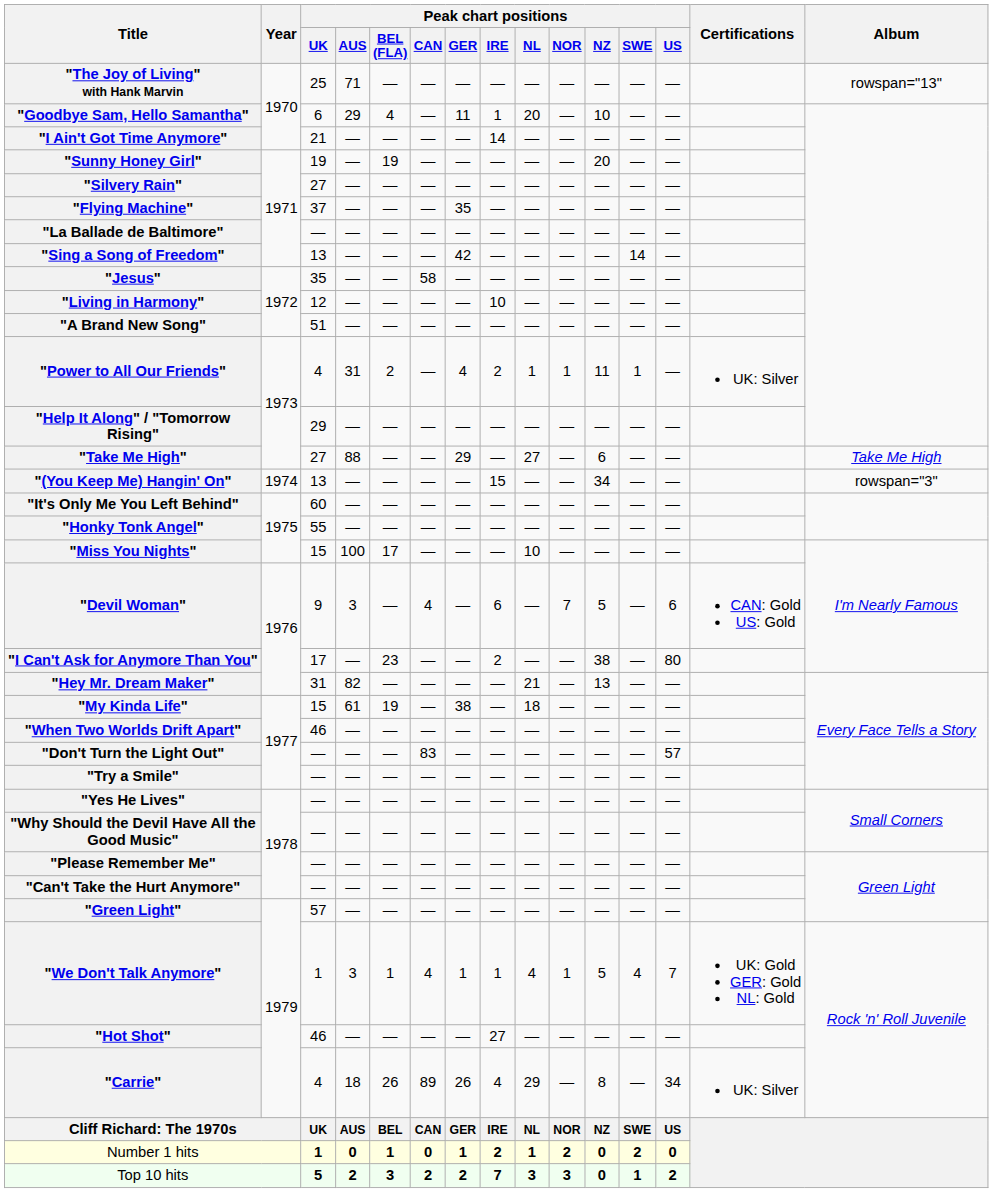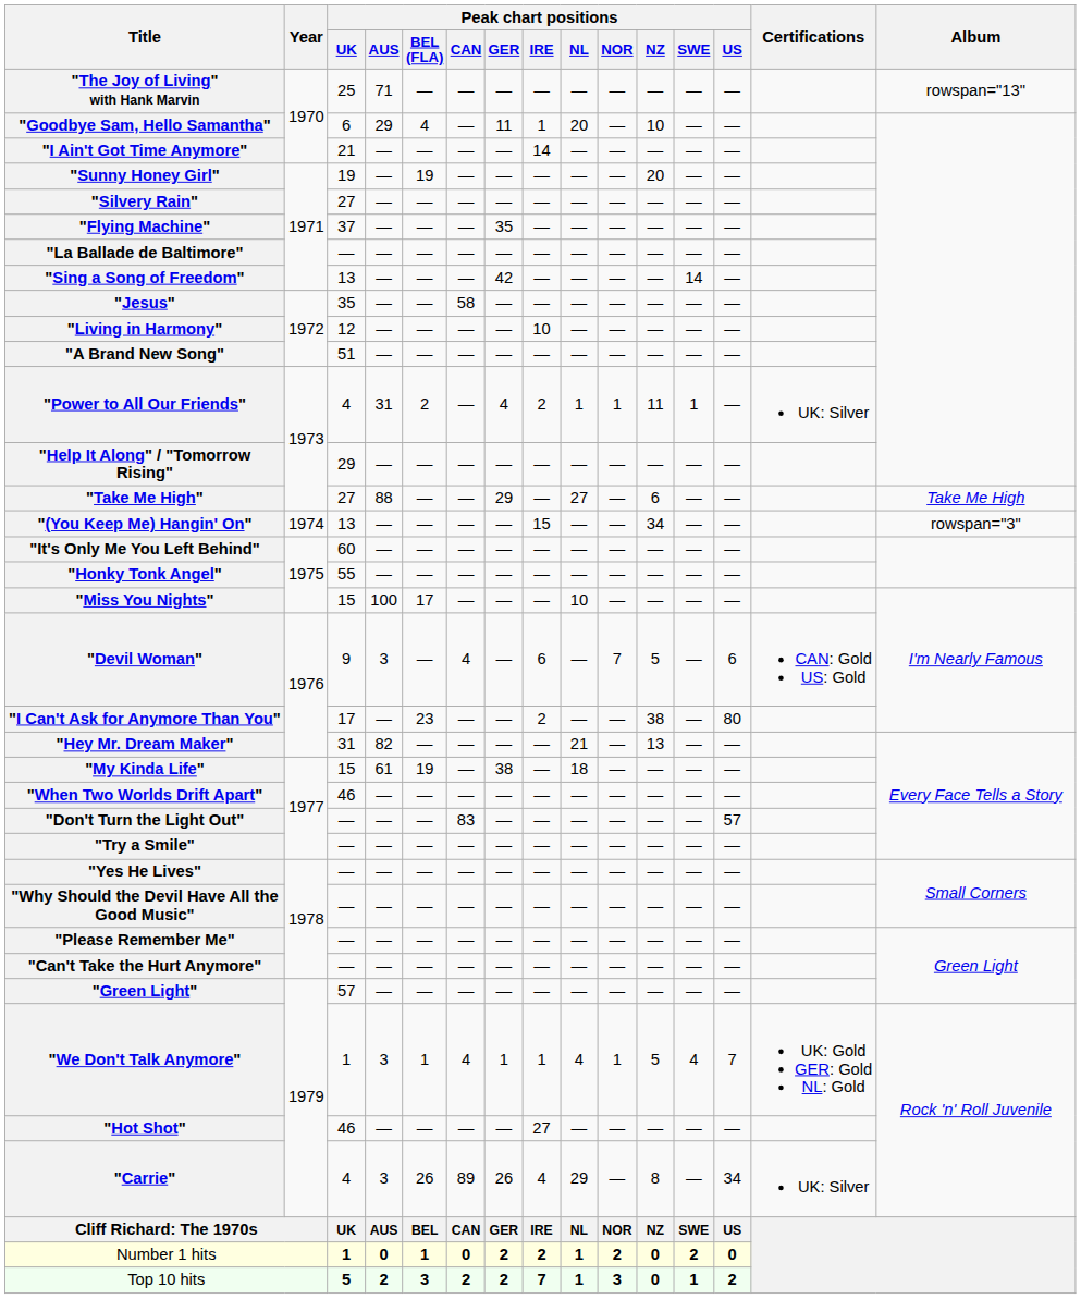 <table class="wikitable plainrowheaders" style="text-align:center;">
 <tr>
 <th rowspan="2" scope="col" style="width:17em;">Title</th>
 <th rowspan="2" scope="col" style="width:2em;">Year</th>
 <th colspan="11">Peak chart positions</th>
 <th rowspan="2">Certifications </th>
 <th rowspan="2" style="width:12em;">Album</th>
 </tr>
 <tr>
 <th scope="col" style="width:2em;font-size:90%;"><a href='#'>UK</a><br></th>
 <th scope="col" style="width:2em;font-size:90%;"><a href='#'>AUS</a><br></th>
 <th scope="col" style="width:2em;font-size:90%;"><a href='#'>BEL (FLA)</a><br></th>
 <th scope="col" style="width:2em;font-size:90%;"><a href='#'>CAN</a><br></th>
 <th scope="col" style="width:2em;font-size:90%;"><a href='#'>GER</a><br></th>
 <th scope="col" style="width:2em;font-size:90%;"><a href='#'>IRE</a><br></th>
 <th scope="col" style="width:2em;font-size:90%;"><a href='#'>NL</a><br></th>
 <th scope="col" style="width:2em;font-size:90%;"><a href='#'>NOR</a><br></th>
 <th scope="col" style="width:2em;font-size:90%;"><a href='#'>NZ</a><br></th>
 <th scope="col" style="width:2em;font-size:90%;"><a href='#'>SWE</a><br></th>
 <th scope="col" style="width:2em;font-size:90%;"><a href='#'>US</a><br></th>
 </tr>
 <tr>
 <th scope="row">"<a href='#'>The Joy of Living</a>"<br><small>with Hank Marvin</small></th>
 <td rowspan="3">1970</td>
 <td>25</td>
 <td>71</td>
 <td>—</td>
 <td>—</td>
 <td>—</td>
 <td>—</td>
 <td>—</td>
 <td>—</td>
 <td>—</td>
 <td>—</td>
 <td>—</td>
 <td></td>
 <td>rowspan="13" </td>
 </tr>
 <tr>
 <th scope="row">"<a href='#'>Goodbye Sam, Hello Samantha</a>"</th>
 <td>6</td>
 <td>29</td>
 <td>4</td>
 <td>—</td>
 <td>11</td>
 <td>1</td>
 <td>20</td>
 <td>—</td>
 <td>10</td>
 <td>—</td>
 <td>—</td>
 <td></td>
 </tr>
 <tr>
 <th scope="row">"<a href='#'>I Ain't Got Time Anymore</a>"</th>
 <td>21</td>
 <td>—</td>
 <td>—</td>
 <td>—</td>
 <td>—</td>
 <td>14</td>
 <td>—</td>
 <td>—</td>
 <td>—</td>
 <td>—</td>
 <td>—</td>
 <td></td>
 </tr>
 <tr>
 <th scope="row">"<a href='#'>Sunny Honey Girl</a>"</th>
 <td rowspan="5">1971</td>
 <td>19</td>
 <td>—</td>
 <td>19</td>
 <td>—</td>
 <td>—</td>
 <td>—</td>
 <td>—</td>
 <td>—</td>
 <td>20</td>
 <td>—</td>
 <td>—</td>
 <td></td>
 </tr>
 <tr>
 <th scope="row">"<a href='#'>Silvery Rain</a>"</th>
 <td>27</td>
 <td>—</td>
 <td>—</td>
 <td>—</td>
 <td>—</td>
 <td>—</td>
 <td>—</td>
 <td>—</td>
 <td>—</td>
 <td>—</td>
 <td>—</td>
 <td></td>
 </tr>
 <tr>
 <th scope="row">"<a href='#'>Flying Machine</a>"</th>
 <td>37</td>
 <td>—</td>
 <td>—</td>
 <td>—</td>
 <td>35</td>
 <td>—</td>
 <td>—</td>
 <td>—</td>
 <td>—</td>
 <td>—</td>
 <td>—</td>
 <td></td>
 </tr>
 <tr>
 <th scope="row">"La Ballade de Baltimore" </th>
 <td>—</td>
 <td>—</td>
 <td>—</td>
 <td>—</td>
 <td>—</td>
 <td>—</td>
 <td>—</td>
 <td>—</td>
 <td>—</td>
 <td>—</td>
 <td>—</td>
 <td></td>
 </tr>
 <tr>
 <th scope="row">"<a href='#'>Sing a Song of Freedom</a>"</th>
 <td>13</td>
 <td>—</td>
 <td>—</td>
 <td>—</td>
 <td>42</td>
 <td>—</td>
 <td>—</td>
 <td>—</td>
 <td>—</td>
 <td>14</td>
 <td>—</td>
 <td></td>
 </tr>
 <tr>
 <th scope="row">"<a href='#'>Jesus</a>"</th>
 <td rowspan="3">1972</td>
 <td>35</td>
 <td>—</td>
 <td>—</td>
 <td>58</td>
 <td>—</td>
 <td>—</td>
 <td>—</td>
 <td>—</td>
 <td>—</td>
 <td>—</td>
 <td>—</td>
 <td></td>
 </tr>
 <tr>
 <th scope="row">"<a href='#'>Living in Harmony</a>"</th>
 <td>12</td>
 <td>—</td>
 <td>—</td>
 <td>—</td>
 <td>—</td>
 <td>10</td>
 <td>—</td>
 <td>—</td>
 <td>—</td>
 <td>—</td>
 <td>—</td>
 <td></td>
 </tr>
 <tr>
 <th scope="row">"A Brand New Song"</th>
 <td>51</td>
 <td>—</td>
 <td>—</td>
 <td>—</td>
 <td>—</td>
 <td>—</td>
 <td>—</td>
 <td>—</td>
 <td>—</td>
 <td>—</td>
 <td>—</td>
 <td></td>
 </tr>
 <tr>
 <th scope="row">"<a href='#'>Power to All Our Friends</a>"</th>
 <td rowspan="3">1973</td>
 <td>4</td>
 <td>31</td>
 <td>2</td>
 <td>—</td>
 <td>4</td>
 <td>2</td>
 <td>1</td>
 <td>1</td>
 <td>11</td>
 <td>1</td>
 <td>—</td>
 <td><br><ul><li>UK: Silver</li></ul></td>
 </tr>
 <tr>
 <th scope="row">"<a href='#'>Help It Along</a>" / "Tomorrow Rising"</th>
 <td>29</td>
 <td>—</td>
 <td>—</td>
 <td>—</td>
 <td>—</td>
 <td>—</td>
 <td>—</td>
 <td>—</td>
 <td>—</td>
 <td>—</td>
 <td>—</td>
 <td></td>
 </tr>
 <tr>
 <th scope="row">"<a href='#'>Take Me High</a>"</th>
 <td>27</td>
 <td>88</td>
 <td>—</td>
 <td>—</td>
 <td>29</td>
 <td>—</td>
 <td>27</td>
 <td>—</td>
 <td>6</td>
 <td>—</td>
 <td>—</td>
 <td></td>
 <td><em><a href='#'>Take Me High</a></em></td>
 </tr>
 <tr>
 <th scope="row">"<a href='#'>(You Keep Me) Hangin' On</a>"</th>
 <td>1974</td>
 <td>13</td>
 <td>—</td>
 <td>—</td>
 <td>—</td>
 <td>—</td>
 <td>15</td>
 <td>—</td>
 <td>—</td>
 <td>34</td>
 <td>—</td>
 <td>—</td>
 <td></td>
 <td>rowspan="3" </td>
 </tr>
 <tr>
 <th scope="row">"It's Only Me You Left Behind"</th>
 <td rowspan="3">1975</td>
 <td>60</td>
 <td>—</td>
 <td>—</td>
 <td>—</td>
 <td>—</td>
 <td>—</td>
 <td>—</td>
 <td>—</td>
 <td>—</td>
 <td>—</td>
 <td>—</td>
 <td></td>
 </tr>
 <tr>
 <th scope="row">"<a href='#'>Honky Tonk Angel</a>"</th>
 <td>55</td>
 <td>—</td>
 <td>—</td>
 <td>—</td>
 <td>—</td>
 <td>—</td>
 <td>—</td>
 <td>—</td>
 <td>—</td>
 <td>—</td>
 <td>—</td>
 <td></td>
 </tr>
 <tr>
 <th scope="row">"<a href='#'>Miss You Nights</a>"</th>
 <td>15</td>
 <td>100</td>
 <td>17</td>
 <td>—</td>
 <td>—</td>
 <td>—</td>
 <td>10</td>
 <td>—</td>
 <td>—</td>
 <td>—</td>
 <td>—</td>
 <td></td>
 <td rowspan="3"><em><a href='#'>I'm Nearly Famous</a></em></td>
 </tr>
 <tr>
 <th scope="row">"<a href='#'>Devil Woman</a>"</th>
 <td rowspan="3">1976</td>
 <td>9</td>
 <td>3</td>
 <td>—</td>
 <td>4</td>
 <td>—</td>
 <td>6</td>
 <td>—</td>
 <td>7</td>
 <td>5</td>
 <td>—</td>
 <td>6</td>
 <td><br><ul><li><a href='#'>CAN</a>: Gold</li><li><a href='#'>US</a>: Gold</li></ul></td>
 </tr>
 <tr>
 <th scope="row">"<a href='#'>I Can't Ask for Anymore Than You</a>"</th>
 <td>17</td>
 <td>—</td>
 <td>23</td>
 <td>—</td>
 <td>—</td>
 <td>2</td>
 <td>—</td>
 <td>—</td>
 <td>38</td>
 <td>—</td>
 <td>80</td>
 <td></td>
 </tr>
 <tr>
 <th scope="row">"<a href='#'>Hey Mr. Dream Maker</a>"</th>
 <td>31</td>
 <td>82</td>
 <td>—</td>
 <td>—</td>
 <td>—</td>
 <td>—</td>
 <td>21</td>
 <td>—</td>
 <td>13</td>
 <td>—</td>
 <td>—</td>
 <td></td>
 <td rowspan="5"><em><a href='#'>Every Face Tells a Story</a></em></td>
 </tr>
 <tr>
 <th scope="row">"<a href='#'>My Kinda Life</a>"</th>
 <td rowspan="4">1977</td>
 <td>15</td>
 <td>61</td>
 <td>19</td>
 <td>—</td>
 <td>38</td>
 <td>—</td>
 <td>18</td>
 <td>—</td>
 <td>—</td>
 <td>—</td>
 <td>—</td>
 <td></td>
 </tr>
 <tr>
 <th scope="row">"<a href='#'>When Two Worlds Drift Apart</a>"</th>
 <td>46</td>
 <td>—</td>
 <td>—</td>
 <td>—</td>
 <td>—</td>
 <td>—</td>
 <td>—</td>
 <td>—</td>
 <td>—</td>
 <td>—</td>
 <td>—</td>
 <td></td>
 </tr>
 <tr>
 <th scope="row">"Don't Turn the Light Out" </th>
 <td>—</td>
 <td>—</td>
 <td>—</td>
 <td>83</td>
 <td>—</td>
 <td>—</td>
 <td>—</td>
 <td>—</td>
 <td>—</td>
 <td>—</td>
 <td>57</td>
 <td></td>
 </tr>
 <tr>
 <th scope="row">"Try a Smile" </th>
 <td>—</td>
 <td>—</td>
 <td>—</td>
 <td>—</td>
 <td>—</td>
 <td>—</td>
 <td>—</td>
 <td>—</td>
 <td>—</td>
 <td>—</td>
 <td>—</td>
 <td></td>
 </tr>
 <tr>
 <th scope="row">"Yes He Lives"</th>
 <td rowspan="4">1978</td>
 <td>—</td>
 <td>—</td>
 <td>—</td>
 <td>—</td>
 <td>—</td>
 <td>—</td>
 <td>—</td>
 <td>—</td>
 <td>—</td>
 <td>—</td>
 <td>—</td>
 <td></td>
 <td rowspan="2"><em><a href='#'>Small Corners</a></em></td>
 </tr>
 <tr>
 <th scope="row">"Why Should the Devil Have All the Good Music" </th>
 <td>—</td>
 <td>—</td>
 <td>—</td>
 <td>—</td>
 <td>—</td>
 <td>—</td>
 <td>—</td>
 <td>—</td>
 <td>—</td>
 <td>—</td>
 <td>—</td>
 <td></td>
 </tr>
 <tr>
 <th scope="row">"Please Remember Me"</th>
 <td>—</td>
 <td>—</td>
 <td>—</td>
 <td>—</td>
 <td>—</td>
 <td>—</td>
 <td>—</td>
 <td>—</td>
 <td>—</td>
 <td>—</td>
 <td>—</td>
 <td></td>
 <td rowspan="3"><em><a href='#'>Green Light</a></em></td>
 </tr>
 <tr>
 <th scope="row">"Can't Take the Hurt Anymore"</th>
 <td>—</td>
 <td>—</td>
 <td>—</td>
 <td>—</td>
 <td>—</td>
 <td>—</td>
 <td>—</td>
 <td>—</td>
 <td>—</td>
 <td>—</td>
 <td>—</td>
 <td></td>
 </tr>
 <tr>
 <th scope="row">"<a href='#'>Green Light</a>"</th>
 <td rowspan="4">1979</td>
 <td>57</td>
 <td>—</td>
 <td>—</td>
 <td>—</td>
 <td>—</td>
 <td>—</td>
 <td>—</td>
 <td>—</td>
 <td>—</td>
 <td>—</td>
 <td>—</td>
 <td></td>
 </tr>
 <tr>
 <th scope="row">"<a href='#'>We Don't Talk Anymore</a>"</th>
 <td>1</td>
 <td>3</td>
 <td>1</td>
 <td>4</td>
 <td>1</td>
 <td>1</td>
 <td>4</td>
 <td>1</td>
 <td>5</td>
 <td>4</td>
 <td>7</td>
 <td><br><ul><li>UK: Gold</li><li><a href='#'>GER</a>: Gold</li><li><a href='#'>NL</a>: Gold</li></ul></td>
 <td rowspan="3"><em><a href='#'>Rock 'n' Roll Juvenile</a></em></td>
 </tr>
 <tr>
 <th scope="row">"<a href='#'>Hot Shot</a>"</th>
 <td>46</td>
 <td>—</td>
 <td>—</td>
 <td>—</td>
 <td>—</td>
 <td>27</td>
 <td>—</td>
 <td>—</td>
 <td>—</td>
 <td>—</td>
 <td>—</td>
 <td></td>
 </tr>
 <tr>
 <th scope="row">"<a href='#'>Carrie</a>"</th>
 <td>4</td>
-<td>18</td>
+<td>3</td>
 <td>26</td>
 <td>89</td>
 <td>26</td>
 <td>4</td>
 <td>29</td>
 <td>—</td>
 <td>8</td>
 <td>—</td>
 <td>34</td>
 <td><br><ul><li>UK: Silver</li></ul></td>
 </tr>
 <tr>
 <th colspan="2" width="28">Cliff Richard: The 1970s</th>
 <th width="30"><small>UK</small></th>
 <th width="30"><small>AUS</small></th>
 <th width="30"><small>BEL</small></th>
 <th width="30"><small>CAN</small></th>
 <th width="30"><small>GER</small></th>
 <th width="30"><small>IRE</small></th>
 <th width="30"><small>NL</small></th>
 <th width="30"><small>NOR</small></th>
 <th width="30"><small>NZ</small></th>
 <th width="30"><small>SWE</small></th>
 <th width="30"><small>US</small></th>
 <th colspan="2" rowspan="3"></th>
 </tr>
 <tr bgcolor="#FFFFE0">
 <td colspan="2" align="center" width="0">Number 1 hits</td>
 <td align="center"><strong>1</strong></td>
 <td align="center"><strong>0</strong></td>
 <td align="center"><strong>1</strong></td>
 <td align="center"><strong>0</strong></td>
-<td align="center"><strong>1</strong></td>
+<td align="center"><strong>2</strong></td>
 <td align="center"><strong>2</strong></td>
 <td align="center"><strong>1</strong></td>
 <td align="center"><strong>2</strong></td>
 <td align="center"><strong>0</strong></td>
 <td align="center"><strong>2</strong></td>
 <td align="center"><strong>0</strong></td>
 </tr>
 <tr bgcolor="#F0FFF0">
 <td colspan="2" align="center" width="0">Top 10 hits</td>
 <td align="center"><strong>5</strong></td>
 <td align="center"><strong>2</strong></td>
 <td align="center"><strong>3</strong></td>
 <td align="center"><strong>2</strong></td>
 <td align="center"><strong>2</strong></td>
 <td align="center"><strong>7</strong></td>
-<td align="center"><strong>3</strong></td>
+<td align="center"><strong>1</strong></td>
 <td align="center"><strong>3</strong></td>
 <td align="center"><strong>0</strong></td>
 <td align="center"><strong>1</strong></td>
 <td align="center"><strong>2</strong></td>
 </tr>
 </table>
